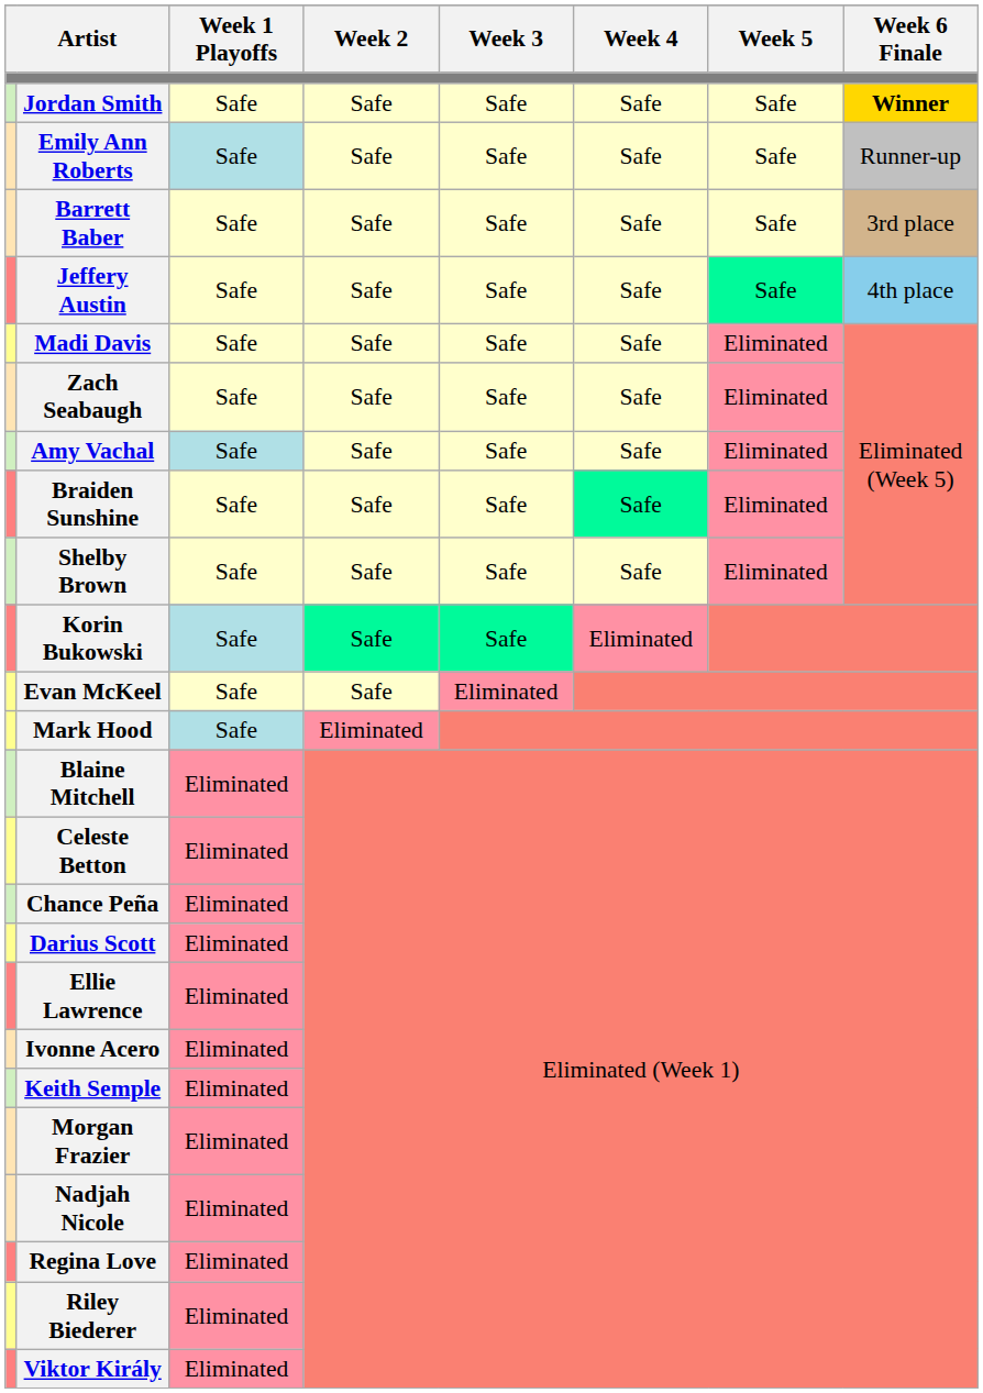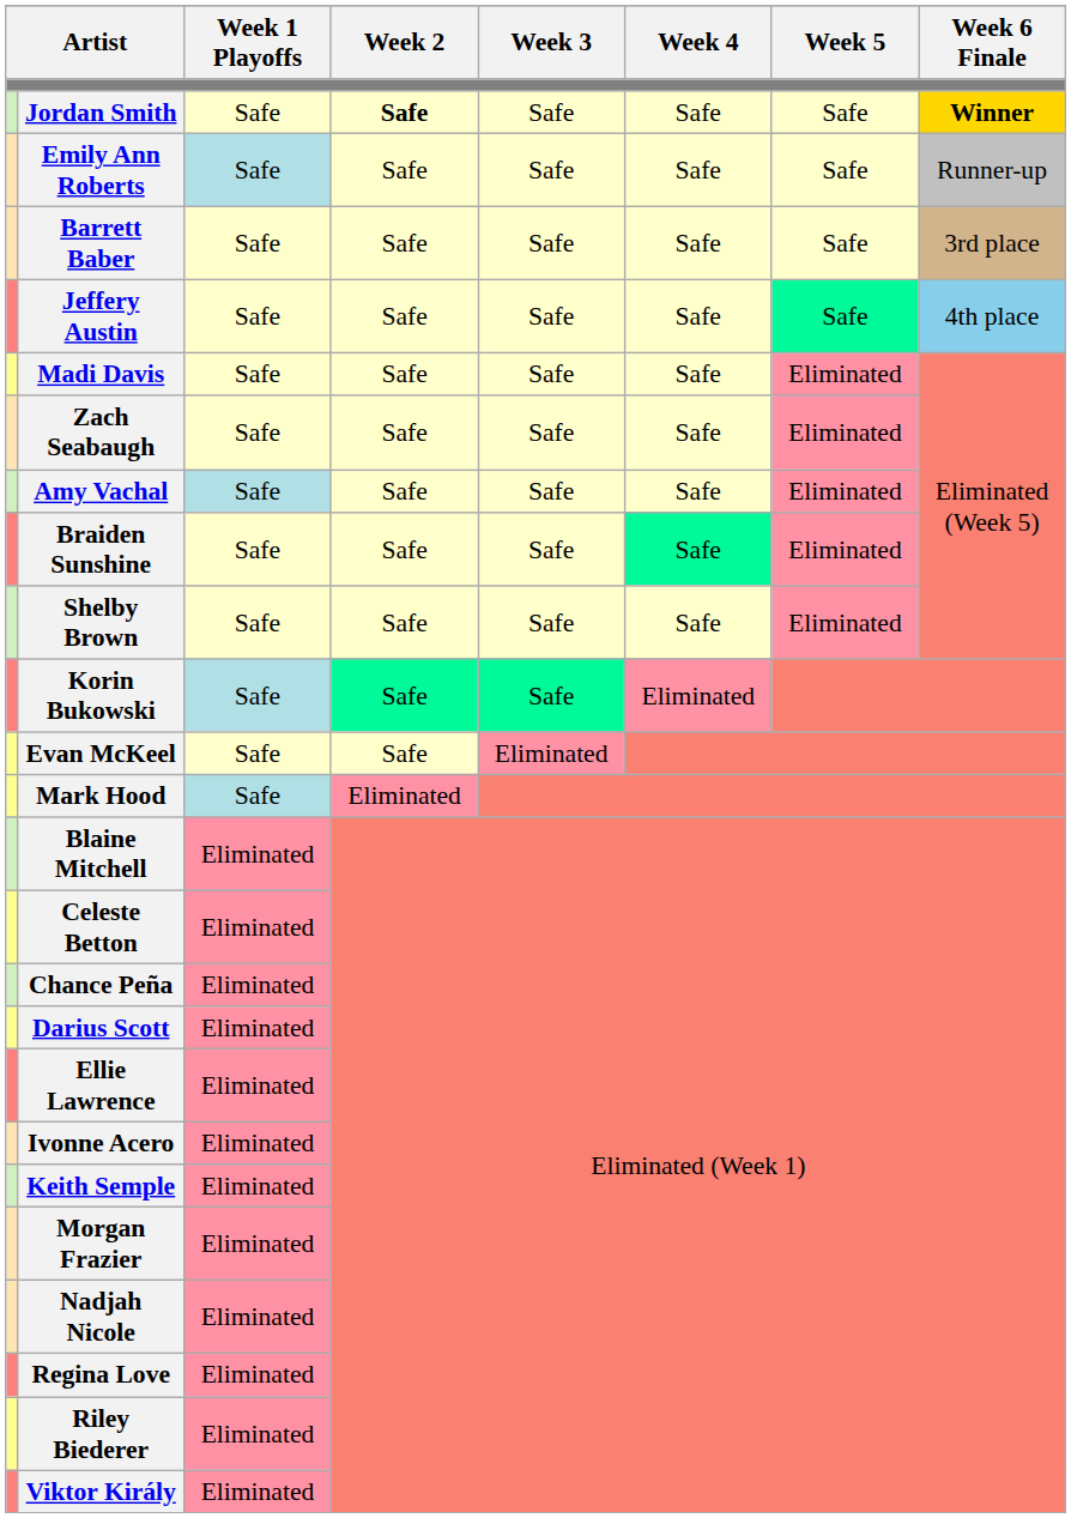 <table class="wikitable"  style="text-align:center; font-size:95%; width:100%;">
 <tr>
 </tr>
 <tr>
 <th colspan="2">Artist</th>
 <th style="width:14%;">Week 1 Playoffs</th>
 <th style="width:14%;">Week 2</th>
 <th style="width:14%;">Week 3</th>
 <th style="width:14%;">Week 4</th>
 <th style="width:14%;">Week 5</th>
 <th style="width:14%;">Week 6 Finale</th>
 </tr>
 <tr>
 <th colspan="9" style="background:gray;"></th>
 </tr>
 <tr>
 <th style="background:#d0f0c0;"></th>
 <th><a href='#'>Jordan Smith</a></th>
 <td style="background:#ffc;">Safe</td>
-<td style="background:#ffc;">Safe</td>
+<td style="background:#ffc;"><strong>Safe</strong></td>
 <td style="background:#ffc;">Safe</td>
 <td style="background:#ffc;">Safe</td>
 <td style="background:#ffc;">Safe</td>
 <td ! style="background:gold;"><strong>Winner</strong></td>
 </tr>
 <tr>
 <th style="background:#ffe5b4;"></th>
 <th><a href='#'>Emily Ann Roberts</a></th>
 <td style="background:#B0E0E6;">Safe</td>
 <td style="background:#ffc;">Safe</td>
 <td style="background:#ffc;">Safe</td>
 <td style="background:#ffc;">Safe</td>
 <td style="background:#ffc;">Safe</td>
 <td style="background:silver;">Runner-up</td>
 </tr>
 <tr>
 <th style="background:#ffe5b4;"></th>
 <th><a href='#'>Barrett Baber</a></th>
 <td style="background:#ffc;">Safe</td>
 <td style="background:#ffc;">Safe</td>
 <td style="background:#ffc;">Safe</td>
 <td style="background:#ffc;">Safe</td>
 <td style="background:#ffc;">Safe</td>
 <td style="background:tan;">3rd place</td>
 </tr>
 <tr>
 <th style="background:#FF7F7F"></th>
 <th><a href='#'>Jeffery Austin</a></th>
 <td style="background:#ffc;">Safe</td>
 <td style="background:#ffc;">Safe</td>
 <td style="background:#ffc;">Safe</td>
 <td style="background:#ffc;">Safe</td>
 <td style="background:#00FA9A;">Safe</td>
 <td style="background:#87ceeb;">4th place</td>
 </tr>
 <tr>
 <th style="background:#FFFF90"></th>
 <th><a href='#'>Madi Davis</a></th>
 <td style="background:#ffc;">Safe</td>
 <td style="background:#ffc;">Safe</td>
 <td style="background:#ffc;">Safe</td>
 <td style="background:#ffc;">Safe</td>
 <td style="background:#FF91A4;">Eliminated</td>
 <td rowspan="5" colspan="1" style="background:salmon;">Eliminated (Week 5)</td>
 </tr>
 <tr>
 <th style="background:#ffe5b4;"></th>
 <th>Zach Seabaugh</th>
 <td style="background:#ffc;">Safe</td>
 <td style="background:#ffc;">Safe</td>
 <td style="background:#ffc;">Safe</td>
 <td style="background:#ffc;">Safe</td>
 <td style="background:#FF91A4;">Eliminated</td>
 </tr>
 <tr>
 <th style="background:#d0f0c0;"></th>
 <th><a href='#'>Amy Vachal</a></th>
 <td style="background:#B0E0E6;">Safe</td>
 <td style="background:#ffc;">Safe</td>
 <td style="background:#ffc;">Safe</td>
 <td style="background:#ffc;">Safe</td>
 <td style="background:#FF91A4;">Eliminated</td>
 </tr>
 <tr>
 <th style="background:#FF7F7F"></th>
 <th>Braiden Sunshine</th>
 <td style="background:#ffc;">Safe</td>
 <td style="background:#ffc;">Safe</td>
 <td style="background:#ffc;">Safe</td>
 <td style="background:#00FA9A;">Safe</td>
 <td style="background:#FF91A4;">Eliminated</td>
 </tr>
 <tr>
 <th style="background:#d0f0c0;"></th>
 <th>Shelby Brown</th>
 <td style="background:#ffc;">Safe</td>
 <td style="background:#ffc;">Safe</td>
 <td style="background:#ffc;">Safe</td>
 <td style="background:#ffc;">Safe</td>
 <td style="background:#FF91A4;">Eliminated</td>
 </tr>
 <tr>
 <th style="background:#FF7F7F"></th>
 <th>Korin Bukowski</th>
 <td style="background:#B0E0E6;">Safe</td>
 <td style="background:#00FA9A;">Safe</td>
 <td style="background:#00FA9A;">Safe</td>
 <td style="background:#FF91A4;">Eliminated</td>
 <td style="background:salmon;" colspan=2></td>
 </tr>
 <tr>
 <th style="background:#FFFF90;"></th>
 <th>Evan McKeel</th>
 <td style="background:#ffc;">Safe</td>
 <td style="background:#ffc;">Safe</td>
 <td style="background:#FF91A4;">Eliminated</td>
 <td style="background:salmon;" colspan=3></td>
 </tr>
 <tr>
 <th style="background:#FFFF90;"></th>
 <th>Mark Hood</th>
 <td style="background:#B0E0E6;">Safe</td>
 <td style="background:#FF91A4;">Eliminated</td>
 <td style="background:salmon;" colspan=4></td>
 </tr>
 <tr>
 <th style="background:#d0f0c0;"></th>
 <th>Blaine Mitchell</th>
 <td style="background:#FF91A4;">Eliminated</td>
 <td rowspan="12" colspan="6" style="background:salmon;">Eliminated (Week 1)</td>
 </tr>
 <tr>
 <th style="background:#FFFF90;"></th>
 <th style="width:16%;">Celeste Betton</th>
 <td style="background:#FF91A4;">Eliminated</td>
 </tr>
 <tr>
 <td style="background:#d0f0c0;"></td>
 <th style="width:16%;">Chance Peña</th>
 <td style="background:#FF91A4;">Eliminated</td>
 </tr>
 <tr>
 <th style="background:#FFFF90;"></th>
 <th><a href='#'>Darius Scott</a></th>
 <td style="background:#FF91A4;">Eliminated</td>
 </tr>
 <tr>
 <th style="background:#FF7F7F"></th>
 <th style="width:16%;">Ellie Lawrence</th>
 <td style="background:#FF91A4;">Eliminated</td>
 </tr>
 <tr>
 <th style="background:#ffe5b4;"></th>
 <th>Ivonne Acero</th>
 <td style="background:#FF91A4;">Eliminated</td>
 </tr>
 <tr>
 <th style="background:#d0f0c0;"></th>
 <th style="width:16%;"><a href='#'>Keith Semple</a></th>
 <td style="background:#FF91A4;">Eliminated</td>
 </tr>
 <tr>
 <th style="background:#ffe5b4;"></th>
 <th style="width:16%;">Morgan Frazier</th>
 <td style="background:#FF91A4;">Eliminated</td>
 </tr>
 <tr>
 <th style="background:#ffe5b4;"></th>
 <th style="width:16%;">Nadjah Nicole</th>
 <td style="background:#FF91A4;">Eliminated</td>
 </tr>
 <tr>
 <th style="background:#FF7F7F"></th>
 <th style="width:16%;">Regina Love</th>
 <td style="background:#FF91A4;">Eliminated</td>
 </tr>
 <tr>
 <th style="background:#FFFF90;"></th>
 <th>Riley Biederer</th>
 <td style="background:#FF91A4;">Eliminated</td>
 </tr>
 <tr>
 <th style="background:#FF7F7F"></th>
 <th style="width:16%;"><a href='#'>Viktor Király</a></th>
 <td style="background:#FF91A4;">Eliminated</td>
 </tr>
 <tr>
 </tr>
 </table>
